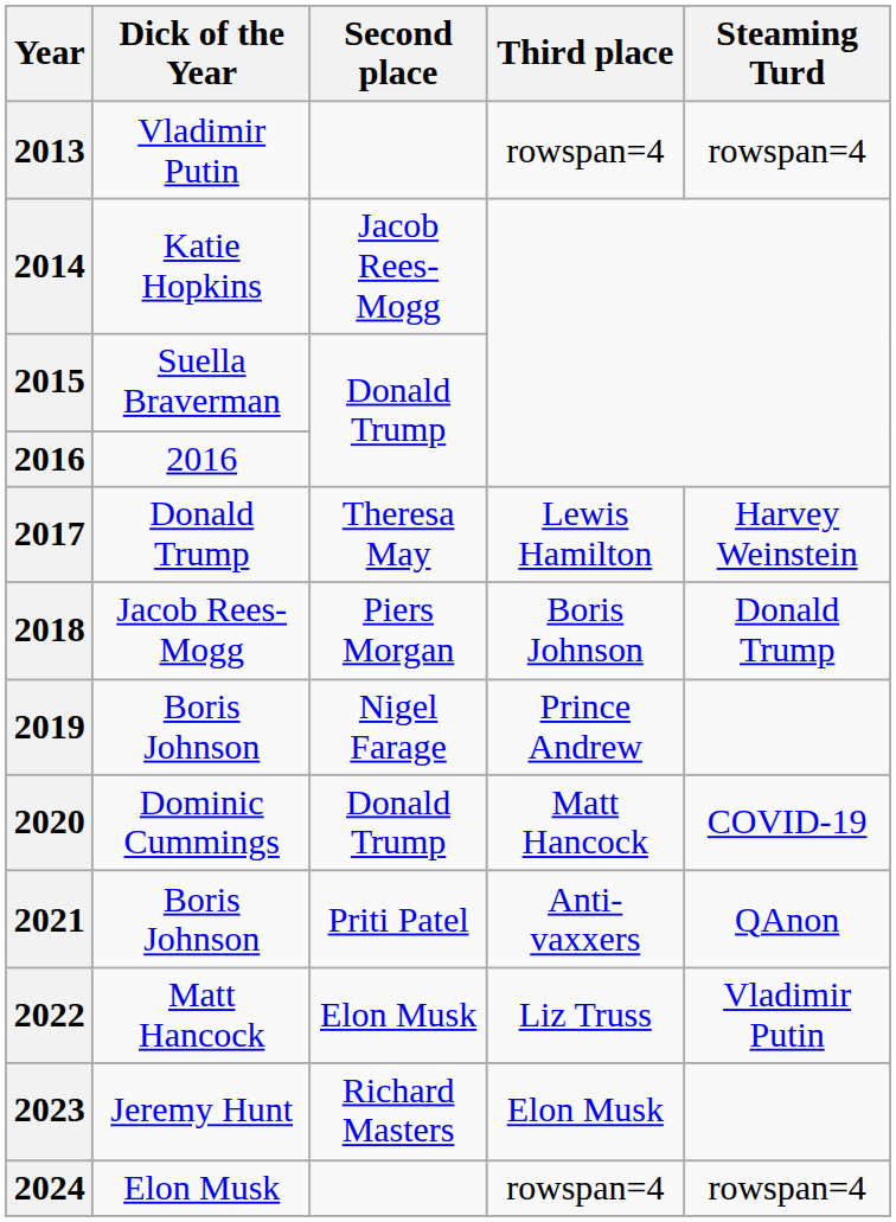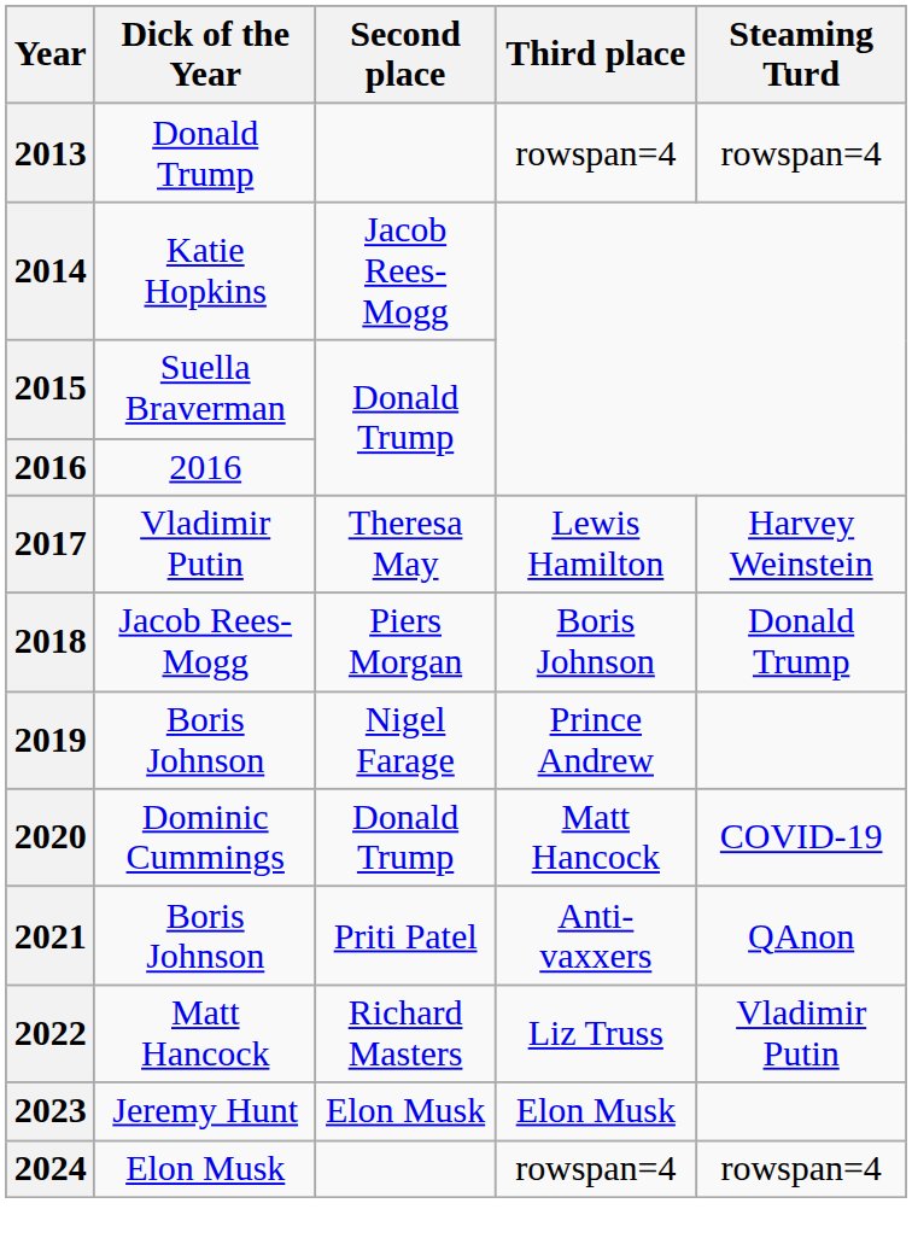 <table class="wikitable floatright plainrowheaders" style="width:400px; text-align:center;">
 <tr>
 <th>Year</th>
 <th>Dick of the Year</th>
 <th>Second place</th>
 <th>Third place</th>
 <th>Steaming Turd</th>
 </tr>
 <tr>
 <th>2013</th>
-<td><a href='#'>Vladimir Putin</a></td>
+<td><a href='#'>Donald Trump</a></td>
 <td></td>
 <td>rowspan=4 </td>
 <td>rowspan=4 </td>
 </tr>
 <tr>
 <th>2014</th>
 <td><a href='#'>Katie Hopkins</a></td>
 <td><a href='#'>Jacob Rees-Mogg</a></td>
 </tr>
 <tr>
 <th>2015</th>
 <td><a href='#'>Suella Braverman</a></td>
 <td rowspan="2"><a href='#'>Donald Trump</a></td>
 </tr>
 <tr>
 <th>2016</th>
 <td><a href='#'>2016</a></td>
 </tr>
 <tr>
 <th>2017</th>
-<td><a href='#'>Donald Trump</a></td>
+<td><a href='#'>Vladimir Putin</a></td>
 <td><a href='#'>Theresa May</a></td>
 <td><a href='#'>Lewis Hamilton</a></td>
 <td><a href='#'>Harvey Weinstein</a></td>
 </tr>
 <tr>
 <th>2018</th>
 <td><a href='#'>Jacob Rees-Mogg</a></td>
 <td><a href='#'>Piers Morgan</a></td>
 <td><a href='#'>Boris Johnson</a></td>
 <td><a href='#'>Donald Trump</a></td>
 </tr>
 <tr>
 <th>2019</th>
 <td><a href='#'>Boris Johnson</a></td>
 <td><a href='#'>Nigel Farage</a></td>
 <td><a href='#'>Prince Andrew</a></td>
 <td></td>
 </tr>
 <tr>
 <th>2020</th>
 <td><a href='#'>Dominic Cummings</a></td>
 <td><a href='#'>Donald Trump</a></td>
 <td><a href='#'>Matt Hancock</a></td>
 <td><a href='#'>COVID-19</a></td>
 </tr>
 <tr>
 <th>2021</th>
 <td><a href='#'>Boris Johnson</a></td>
 <td><a href='#'>Priti Patel</a></td>
 <td><a href='#'>Anti-vaxxers</a></td>
 <td><a href='#'>QAnon</a></td>
 </tr>
 <tr>
 <th>2022</th>
 <td><a href='#'>Matt Hancock</a></td>
-<td><a href='#'>Elon Musk</a></td>
+<td><a href='#'>Richard Masters</a></td>
 <td><a href='#'>Liz Truss</a></td>
 <td><a href='#'>Vladimir Putin</a></td>
 </tr>
 <tr>
 <th>2023</th>
 <td><a href='#'>Jeremy Hunt</a></td>
-<td><a href='#'>Richard Masters</a></td>
+<td><a href='#'>Elon Musk</a></td>
 <td><a href='#'>Elon Musk</a></td>
 <td></td>
 </tr>
 <tr>
 <th>2024</th>
 <td><a href='#'>Elon Musk</a></td>
 <td></td>
 <td>rowspan=4 </td>
 <td>rowspan=4 </td>
 </tr>
 </table>
